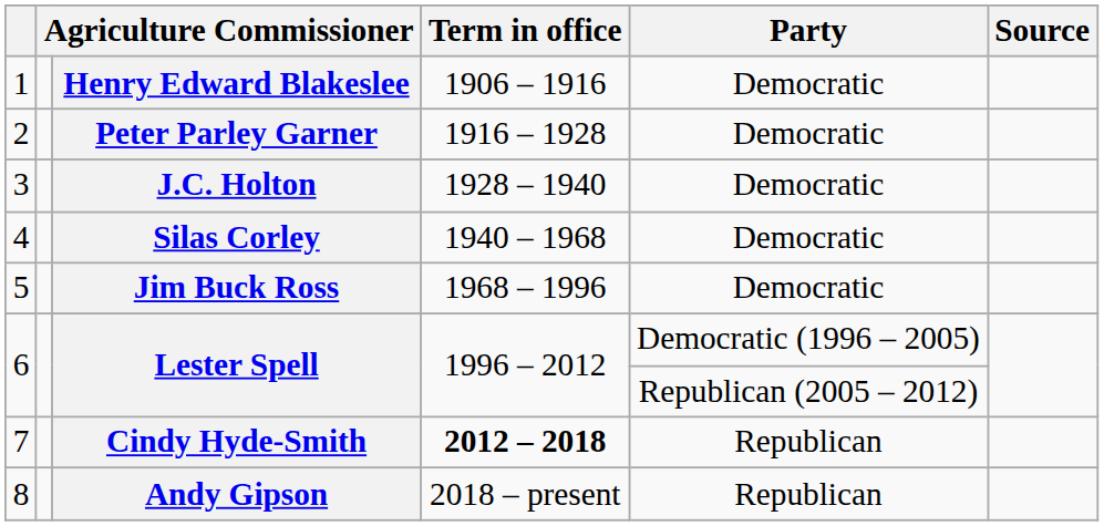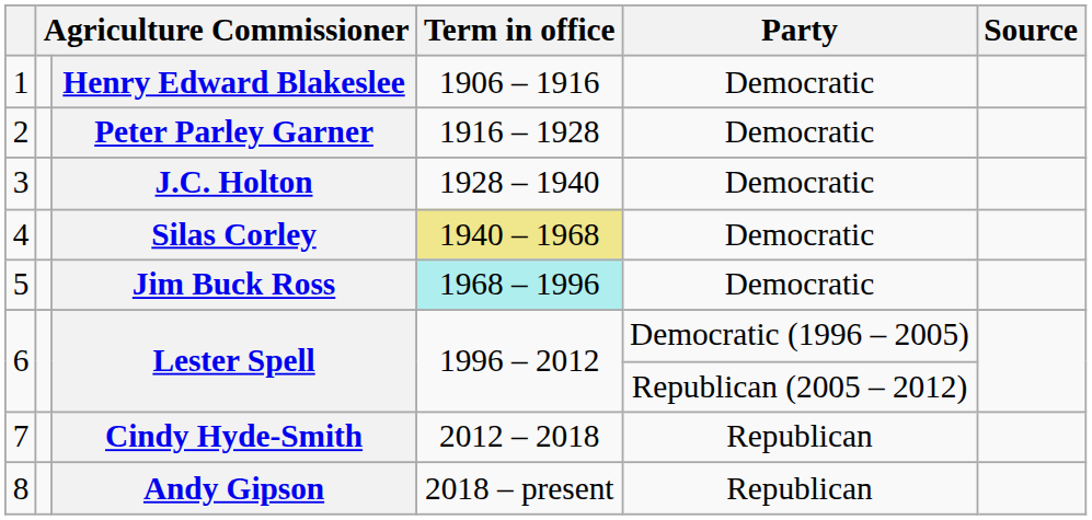 <table class="wikitable sortable" style="text-align:center;">
 <tr>
 <th scope="col" data-sort-type="number"></th>
 <th scope="col" colspan="2">Agriculture Commissioner</th>
 <th scope="col">Term in office</th>
 <th scope="col">Party</th>
 <th scope="col" class="unsortable">Source</th>
 </tr>
 <tr>
 <td>1</td>
 <td></td>
 <th scope="row"><a href='#'>Henry Edward Blakeslee</a></th>
 <td>1906 – 1916</td>
 <td>Democratic</td>
 <td></td>
 </tr>
 <tr>
 <td>2</td>
 <td></td>
 <th scope="row"><a href='#'>Peter Parley Garner</a></th>
 <td>1916 – 1928</td>
 <td>Democratic</td>
 <td></td>
 </tr>
 <tr>
 <td>3</td>
 <td></td>
 <th scope="row"><a href='#'>J.C. Holton</a></th>
 <td>1928 – 1940</td>
 <td>Democratic</td>
 <td></td>
 </tr>
 <tr>
 <td>4</td>
 <td></td>
 <th scope="row"><a href='#'>Silas Corley</a></th>
-<td>1940 – 1968</td>
+<td style="background: khaki;">1940 – 1968</td>
 <td>Democratic</td>
 <td></td>
 </tr>
 <tr>
 <td>5</td>
 <td></td>
 <th scope="row"><a href='#'>Jim Buck Ross</a></th>
-<td>1968 – 1996</td>
+<td style="background: paleturquoise;">1968 – 1996</td>
 <td>Democratic</td>
 <td></td>
 </tr>
 <tr>
 <td rowspan=2>6</td>
 <td rowspan=2></td>
 <th scope="rowgroup" rowspan=2><a href='#'>Lester Spell</a></th>
 <td rowspan=2>1996 – 2012</td>
 <td rowspan=1 >Democratic (1996 – 2005)</td>
 <td rowspan=2></td>
 </tr>
 <tr>
 <td>Republican (2005 – 2012)</td>
 </tr>
 <tr>
 <td>7</td>
 <td></td>
 <th scope="row"><a href='#'>Cindy Hyde-Smith</a></th>
-<td><strong>2012 – 2018</strong></td>
+<td>2012 – 2018</td>
 <td>Republican</td>
 <td></td>
 </tr>
 <tr>
 <td>8</td>
 <td></td>
 <th scope="row"><a href='#'>Andy Gipson</a></th>
 <td>2018 – present</td>
 <td>Republican</td>
 <td></td>
 </tr>
 </table>
